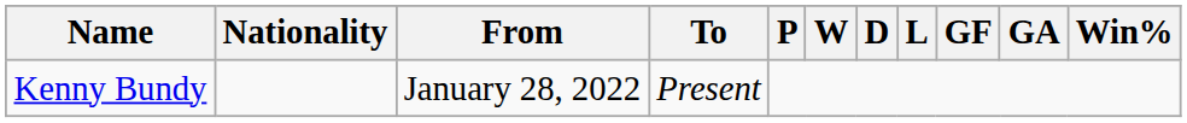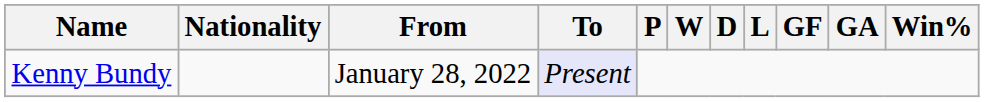 <table class="wikitable plainrowheaders sortable" style="text-align:center">
 <tr>
 <th>Name</th>
 <th>Nationality</th>
 <th>From</th>
 <th class="unsortable">To</th>
 <th>P</th>
 <th>W</th>
 <th>D</th>
 <th>L</th>
 <th>GF</th>
 <th>GA</th>
 <th>Win%</th>
 </tr>
 <tr>
 <td scope="row" style="text-align:left"><a href='#'>Kenny Bundy</a></td>
 <td align="left"></td>
 <td align="left">January 28, 2022</td>
-<td align="left"><em>Present</em><br></td>
+<td align="left" style="background: lavender;"><em>Present</em><br></td>
 </tr>
 </table>
